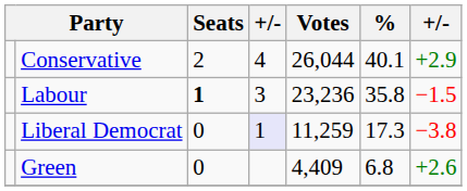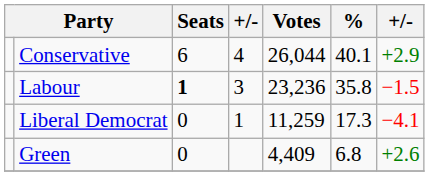 <table class="wikitable">
 <tr>
 <th colspan="2">Party</th>
 <th>Seats</th>
 <th>+/-</th>
 <th>Votes</th>
 <th>%</th>
 <th>+/-</th>
 </tr>
 <tr>
 <td style="background-color: "></td>
 <td><a href='#'>Conservative</a></td>
-<td>2</td>
+<td>6</td>
 <td> 4</td>
 <td>26,044</td>
 <td>40.1</td>
 <td style="color:green">+2.9</td>
 </tr>
 <tr>
 <td style="background-color: "></td>
 <td><a href='#'>Labour</a></td>
 <td><strong>1</strong></td>
 <td> 3</td>
 <td>23,236</td>
 <td>35.8</td>
 <td style="color:red">−1.5</td>
 </tr>
 <tr>
 <td style="background-color: "></td>
 <td><a href='#'>Liberal Democrat</a></td>
 <td>0</td>
-<td style="background: lavender;"> 1</td>
+<td> 1</td>
 <td>11,259</td>
 <td>17.3</td>
-<td style="color:red">−3.8</td>
+<td style="color:red">−4.1</td>
 </tr>
 <tr>
 <td style="background-color: "></td>
 <td><a href='#'>Green</a></td>
 <td>0</td>
 <td></td>
 <td>4,409</td>
 <td>6.8</td>
 <td style="color:green">+2.6</td>
 </tr>
 <tr>
 </tr>
 </table>
